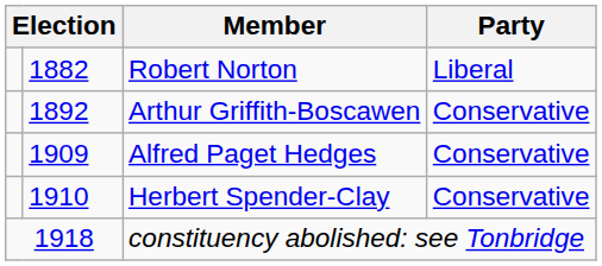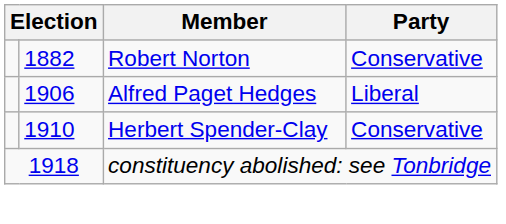 <table class="wikitable">
 <tr>
 <th colspan="2">Election</th>
 <th>Member</th>
 <th>Party</th>
 </tr>
 <tr>
 <td style="color:inherit;background-color: "></td>
 <td><a href='#'>1882</a></td>
 <td><a href='#'>Robert Norton</a></td>
-<td><a href='#'>Liberal</a></td>
-</tr>
-<tr>
-<td style="color:inherit;background-color: "></td>
-<td><a href='#'>1892</a></td>
-<td><a href='#'>Arthur Griffith-Boscawen</a></td>
 <td><a href='#'>Conservative</a></td>
 </tr>
 <tr>
 <td style="color:inherit;background-color: "></td>
-<td><a href='#'>1909</a></td>
+<td><a href='#'>1906</a></td>
 <td><a href='#'>Alfred Paget Hedges</a></td>
-<td><a href='#'>Conservative</a></td>
+<td><a href='#'>Liberal</a></td>
 </tr>
 <tr>
 <td style="color:inherit;background-color: "></td>
 <td><a href='#'>1910</a></td>
 <td><a href='#'>Herbert Spender-Clay</a></td>
 <td><a href='#'>Conservative</a></td>
 </tr>
 <tr>
 <td colspan="2" align="center"><a href='#'>1918</a></td>
 <td colspan="2"><em>constituency abolished: see <a href='#'>Tonbridge</a></em></td>
 </tr>
 </table>
